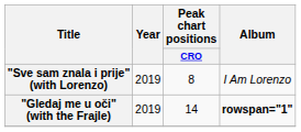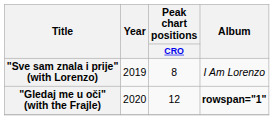 <table class="wikitable plainrowheaders" style="text-align:center;">
 <tr>
 <th scope="col" rowspan="2">Title</th>
 <th scope="col" rowspan="2">Year</th>
 <th scope="col" colspan="1">Peak chart positions</th>
 <th scope="col" rowspan="2">Album</th>
 </tr>
 <tr>
 <th scope="col" style="width:3em; font-size:85%;"><a href='#'>CRO</a><br></th>
 </tr>
 <tr>
 <th scope="row">"Sve sam znala i prije"<br><span>(with Lorenzo)</span></th>
 <td>2019</td>
 <td>8</td>
 <td><em>I Am Lorenzo</em></td>
 </tr>
 <tr>
 <th scope="row">"Gledaj me u oči"<br><span>(with the Frajle)</span></th>
-<td>2019</td>
-<td>14</td>
+<td>2020</td>
+<td>12</td>
 <td><strong>rowspan="1" </strong></td>
 </tr>
 <tr>
 </tr>
 </table>
